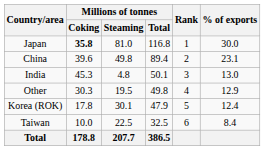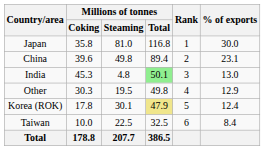 <table class="wikitable" align="center" style="text-align:center">
 <tr>
 <th rowspan=2>Country/area</th>
 <th colspan=3>Millions of tonnes</th>
 <th rowspan=2>Rank</th>
 <th rowspan=2>% of exports</th>
 </tr>
 <tr>
 <th>Coking</th>
 <th>Steaming</th>
 <th>Total</th>
 </tr>
 <tr>
 <td>Japan</td>
-<td><strong>35.8</strong></td>
+<td>35.8</td>
 <td>81.0</td>
 <td>116.8</td>
 <td>1</td>
 <td>30.0</td>
 </tr>
 <tr>
 <td>China</td>
 <td>39.6</td>
 <td>49.8</td>
 <td>89.4</td>
 <td>2</td>
 <td>23.1</td>
 </tr>
 <tr>
 <td>India</td>
 <td>45.3</td>
 <td>4.8</td>
-<td>50.1</td>
+<td style="background: lightgreen;">50.1</td>
 <td>3</td>
 <td>13.0</td>
 </tr>
 <tr>
 <td>Other</td>
 <td>30.3</td>
 <td>19.5</td>
 <td>49.8</td>
 <td>4</td>
 <td>12.9</td>
 </tr>
 <tr>
 <td>Korea (ROK)</td>
 <td>17.8</td>
 <td>30.1</td>
-<td>47.9</td>
+<td style="background: khaki;">47.9</td>
 <td>5</td>
 <td>12.4</td>
 </tr>
 <tr>
 <td>Taiwan</td>
 <td>10.0</td>
 <td>22.5</td>
 <td>32.5</td>
 <td>6</td>
 <td>8.4</td>
 </tr>
 <tr>
 <th>Total</th>
 <th>178.8</th>
 <th>207.7</th>
 <th>386.5</th>
 <th></th>
 <th></th>
 </tr>
 </table>
